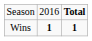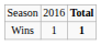 <table class="wikitable sortable">
 <tr>
 <td>Season</td>
 <td>2016</td>
 <td><strong>Total</strong></td>
 </tr>
 <tr align=center>
 <td>Wins</td>
-<td><strong>1</strong></td>
+<td>1</td>
 <td><strong>1</strong></td>
 </tr>
 </table>
